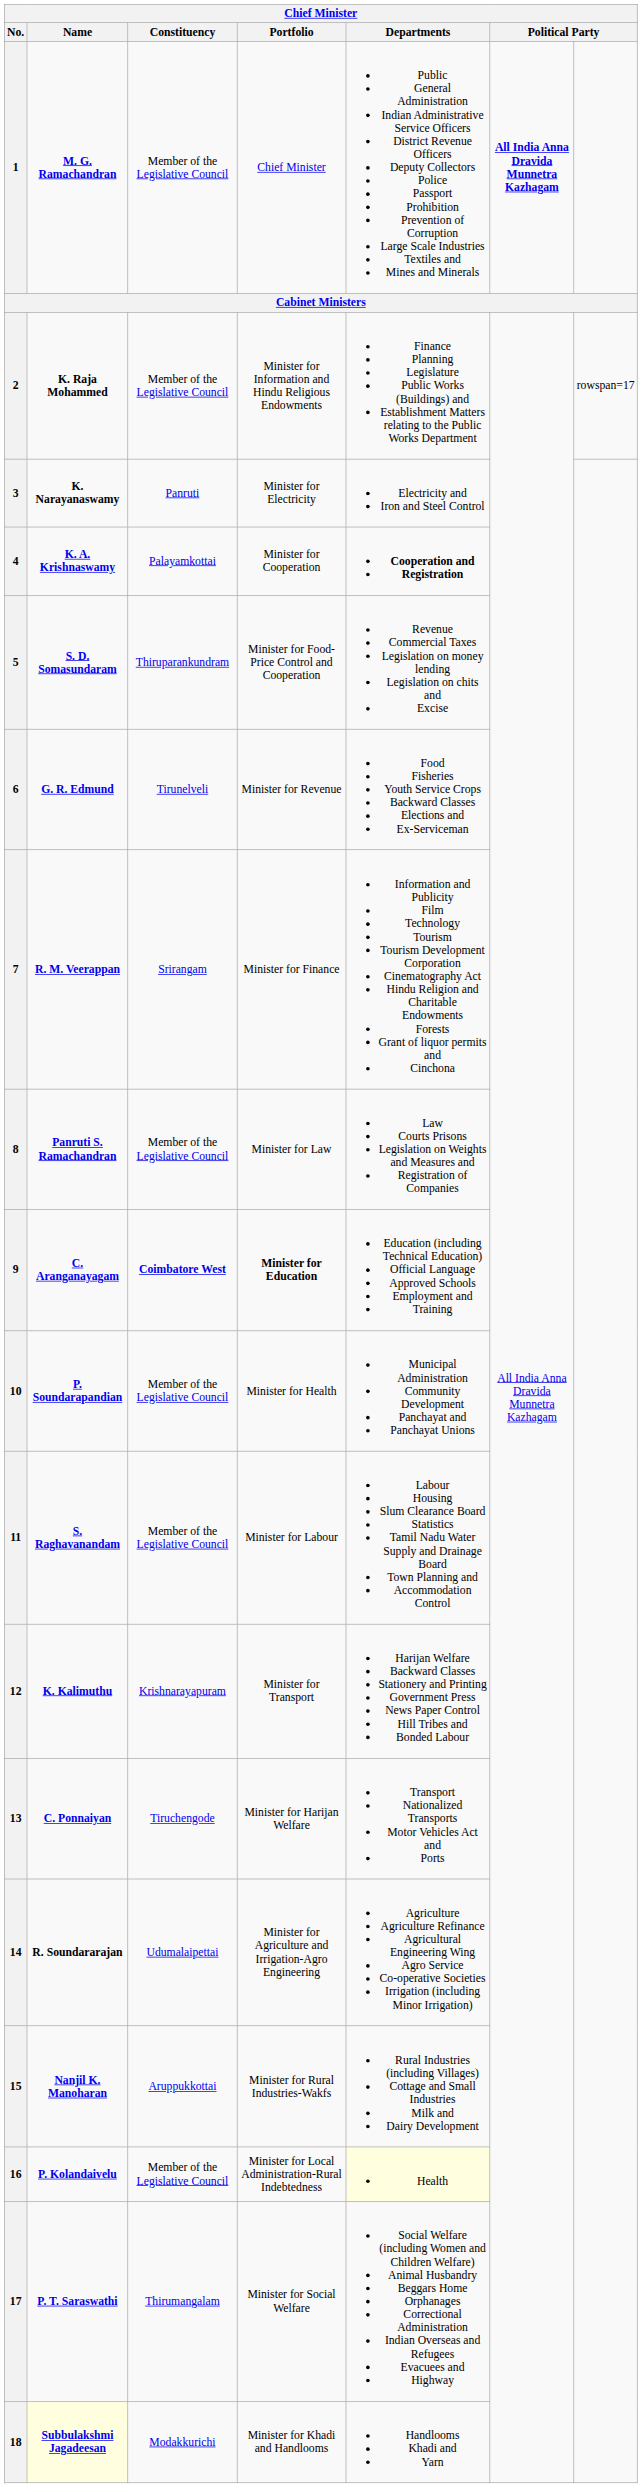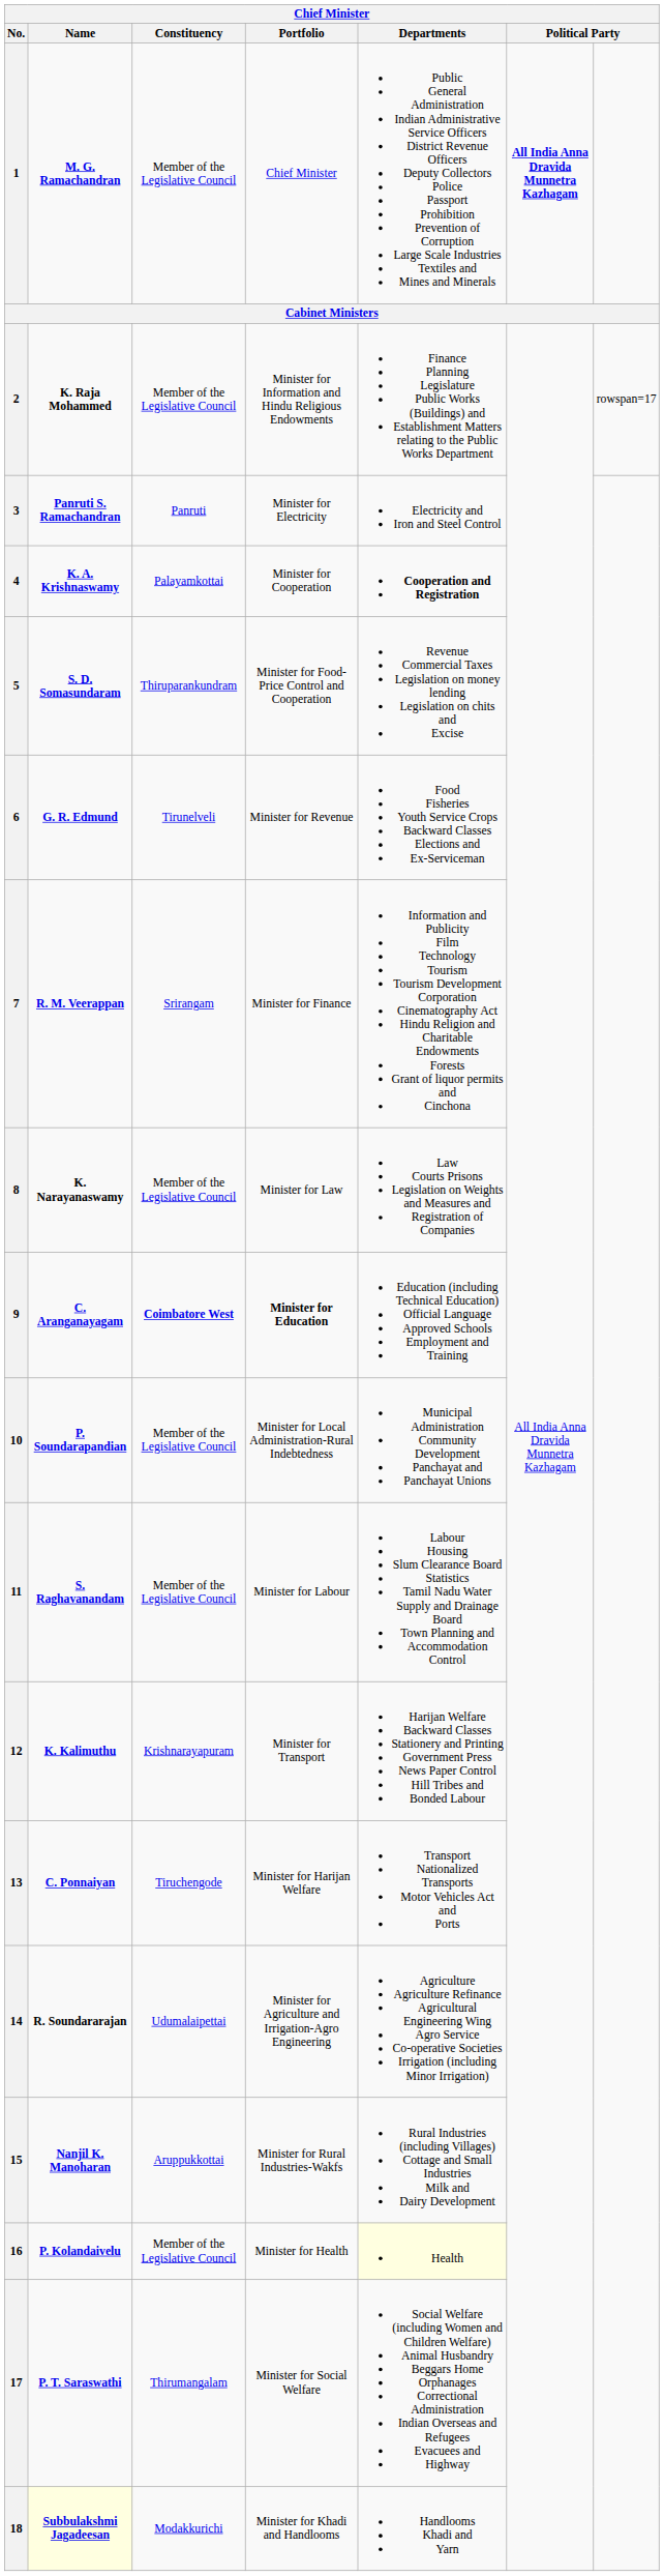 <table class="wikitable" style="text-align:center;">
 <tr>
 <th colspan=7><a href='#'>Chief Minister</a></th>
 </tr>
 <tr>
 <th>No.</th>
 <th>Name</th>
 <th>Constituency</th>
 <th>Portfolio</th>
 <th>Departments</th>
 <th colspan=2>Political Party</th>
 </tr>
 <tr>
 <th>1</th>
 <td><strong><a href='#'>M. G. Ramachandran</a></strong></td>
 <td>Member of the <a href='#'>Legislative Council</a></td>
 <td><a href='#'>Chief Minister</a></td>
 <td><br><ul><li>Public</li><li>General Administration</li><li>Indian Administrative Service Officers</li><li>District Revenue Officers</li><li>Deputy Collectors</li><li>Police</li><li>Passport</li><li>Prohibition</li><li>Prevention of Corruption</li><li>Large Scale Industries</li><li>Textiles and</li><li>Mines and Minerals</li></ul></td>
 <td><strong><a href='#'>All India Anna Dravida Munnetra Kazhagam</a></strong></td>
 <td></td>
 </tr>
 <tr>
 <th colspan=7><a href='#'>Cabinet Ministers</a></th>
 </tr>
 <tr>
 <th>2</th>
 <td><strong>K. Raja Mohammed</strong></td>
 <td>Member of the <a href='#'>Legislative Council</a></td>
 <td>Minister for Information and Hindu Religious Endowments</td>
 <td><br><ul><li>Finance</li><li>Planning</li><li>Legislature</li><li>Public Works (Buildings) and</li><li>Establishment Matters relating to the Public Works Department</li></ul></td>
 <td rowspan=17><a href='#'>All India Anna Dravida Munnetra Kazhagam</a></td>
 <td>rowspan=17 </td>
 </tr>
 <tr>
 <th>3</th>
-<td><strong>K. Narayanaswamy</strong></td>
+<td><strong><a href='#'>Panruti S. Ramachandran</a></strong></td>
 <td><a href='#'>Panruti</a></td>
 <td>Minister for Electricity</td>
 <td><br><ul><li>Electricity and</li><li>Iron and Steel Control</li></ul></td>
 </tr>
 <tr>
 <th>4</th>
 <td><strong><a href='#'>K. A. Krishnaswamy</a></strong></td>
 <td><a href='#'>Palayamkottai</a></td>
 <td>Minister for Cooperation</td>
 <td><strong><br><ul><li>Cooperation and</li><li>Registration</li></ul></strong></td>
 </tr>
 <tr>
 <th>5</th>
 <td><strong><a href='#'>S. D. Somasundaram</a></strong></td>
 <td><a href='#'>Thiruparankundram</a></td>
 <td>Minister for Food-Price Control and Cooperation</td>
 <td><br><ul><li>Revenue</li><li>Commercial Taxes</li><li>Legislation on money lending</li><li>Legislation on chits and</li><li>Excise</li></ul></td>
 </tr>
 <tr>
 <th>6</th>
 <td><strong><a href='#'>G. R. Edmund</a></strong></td>
 <td><a href='#'>Tirunelveli</a></td>
 <td>Minister for Revenue</td>
 <td><br><ul><li>Food</li><li>Fisheries</li><li>Youth Service Crops</li><li>Backward Classes</li><li>Elections and</li><li>Ex-Serviceman</li></ul></td>
 </tr>
 <tr>
 <th>7</th>
 <td><strong><a href='#'>R. M. Veerappan</a></strong></td>
 <td><a href='#'>Srirangam</a></td>
 <td>Minister for Finance</td>
 <td><br><ul><li>Information and Publicity</li><li>Film</li><li>Technology</li><li>Tourism</li><li>Tourism Development Corporation</li><li>Cinematography Act</li><li>Hindu Religion and Charitable Endowments</li><li>Forests</li><li>Grant of liquor permits and</li><li>Cinchona</li></ul></td>
 </tr>
 <tr>
 <th>8</th>
-<td><strong><a href='#'>Panruti S. Ramachandran</a></strong></td>
+<td><strong>K. Narayanaswamy</strong></td>
 <td>Member of the <a href='#'>Legislative Council</a></td>
 <td>Minister for Law</td>
 <td><br><ul><li>Law</li><li>Courts Prisons</li><li>Legislation on Weights and Measures and</li><li>Registration of Companies</li></ul></td>
 </tr>
 <tr>
 <th>9</th>
 <td><strong><a href='#'>C. Aranganayagam</a></strong></td>
 <td><strong><a href='#'>Coimbatore West</a></strong></td>
 <td><strong>Minister for Education</strong></td>
 <td><br><ul><li>Education (including Technical Education)</li><li>Official Language</li><li>Approved Schools</li><li>Employment and</li><li>Training</li></ul></td>
 </tr>
 <tr>
 <th>10</th>
 <td><strong><a href='#'>P. Soundarapandian</a></strong></td>
 <td>Member of the <a href='#'>Legislative Council</a></td>
-<td>Minister for Health</td>
+<td>Minister for Local Administration-Rural Indebtedness</td>
 <td><br><ul><li>Municipal Administration</li><li>Community Development</li><li>Panchayat and</li><li>Panchayat Unions</li></ul></td>
 </tr>
 <tr>
 <th>11</th>
 <td><strong><a href='#'>S. Raghavanandam</a></strong></td>
 <td>Member of the <a href='#'>Legislative Council</a></td>
 <td>Minister for Labour</td>
 <td><br><ul><li>Labour</li><li>Housing</li><li>Slum Clearance Board</li><li>Statistics</li><li>Tamil Nadu Water Supply and Drainage Board</li><li>Town Planning and</li><li>Accommodation Control</li></ul></td>
 </tr>
 <tr>
 <th>12</th>
 <td><strong><a href='#'>K. Kalimuthu</a></strong></td>
 <td><a href='#'>Krishnarayapuram</a></td>
 <td>Minister for Transport</td>
 <td><br><ul><li>Harijan Welfare</li><li>Backward Classes</li><li>Stationery and Printing</li><li>Government Press</li><li>News Paper Control</li><li>Hill Tribes and</li><li>Bonded Labour</li></ul></td>
 </tr>
 <tr>
 <th>13</th>
 <td><strong><a href='#'>C. Ponnaiyan</a></strong></td>
 <td><a href='#'>Tiruchengode</a></td>
 <td>Minister for Harijan Welfare</td>
 <td><br><ul><li>Transport</li><li>Nationalized Transports</li><li>Motor Vehicles Act and</li><li>Ports</li></ul></td>
 </tr>
 <tr>
 <th>14</th>
 <td><strong>R. Soundararajan</strong></td>
 <td><a href='#'>Udumalaipettai</a></td>
 <td>Minister for Agriculture and Irrigation-Agro Engineering</td>
 <td><br><ul><li>Agriculture</li><li>Agriculture Refinance</li><li>Agricultural Engineering Wing</li><li>Agro Service</li><li>Co-operative Societies</li><li>Irrigation (including Minor Irrigation)</li></ul></td>
 </tr>
 <tr>
 <th>15</th>
 <td><strong><a href='#'>Nanjil K. Manoharan</a></strong></td>
 <td><a href='#'>Aruppukkottai</a></td>
 <td>Minister for Rural Industries-Wakfs</td>
 <td><br><ul><li>Rural Industries (including Villages)</li><li>Cottage and Small Industries</li><li>Milk and</li><li>Dairy Development</li></ul></td>
 </tr>
 <tr>
 <th>16</th>
 <td><strong><a href='#'>P. Kolandaivelu</a></strong></td>
 <td>Member of the <a href='#'>Legislative Council</a></td>
-<td>Minister for Local Administration-Rural Indebtedness</td>
+<td>Minister for Health</td>
 <td style="background: lightyellow;"><br><ul><li>Health</li></ul></td>
 </tr>
 <tr>
 <th>17</th>
 <td><strong><a href='#'>P. T. Saraswathi</a></strong></td>
 <td><a href='#'>Thirumangalam</a></td>
 <td>Minister for Social Welfare</td>
 <td><br><ul><li>Social Welfare (including Women and Children Welfare)</li><li>Animal Husbandry</li><li>Beggars Home</li><li>Orphanages</li><li>Correctional Administration</li><li>Indian Overseas and Refugees</li><li>Evacuees and</li><li>Highway</li></ul></td>
 </tr>
 <tr>
 <th>18</th>
 <td style="background: lightyellow;"><strong><a href='#'>Subbulakshmi Jagadeesan</a></strong></td>
 <td><a href='#'>Modakkurichi</a></td>
 <td>Minister for Khadi and Handlooms</td>
 <td><br><ul><li>Handlooms</li><li>Khadi and</li><li>Yarn</li></ul></td>
 </tr>
 </table>
